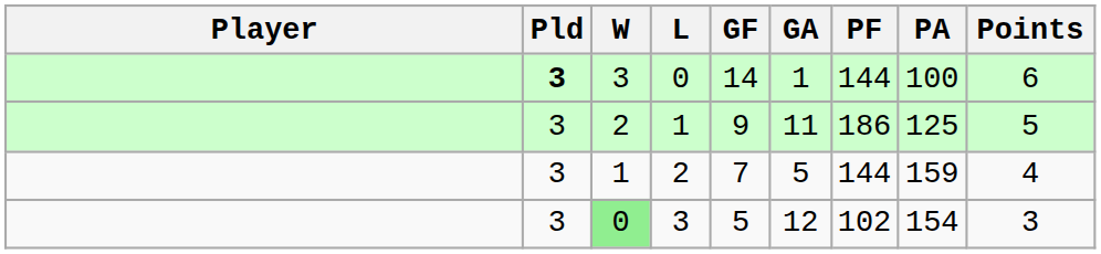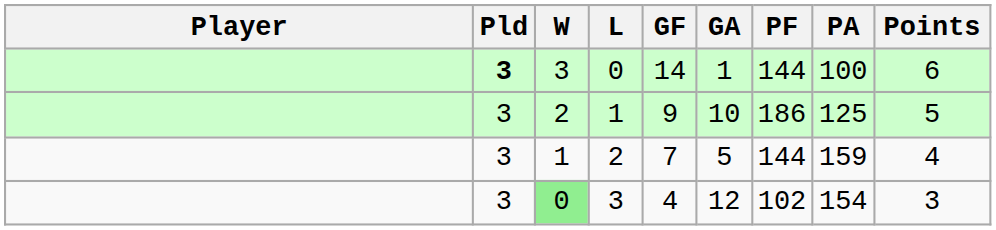 <table class=wikitable style="text-align:center">
 <tr>
 <th width=220>Player</th>
 <th width=20>Pld</th>
 <th width=20>W</th>
 <th width=20>L</th>
 <th width=20>GF</th>
 <th width=20>GA</th>
 <th width=20>PF</th>
 <th width=20>PA</th>
 <th width=50>Points</th>
 </tr>
 <tr bgcolor="#ccffcc">
 <td align=left></td>
 <td><strong>3</strong></td>
 <td>3</td>
 <td>0</td>
 <td>14</td>
 <td>1</td>
 <td>144</td>
 <td>100</td>
 <td>6</td>
 </tr>
 <tr bgcolor="#ccffcc">
 <td align=left></td>
 <td>3</td>
 <td>2</td>
 <td>1</td>
 <td>9</td>
-<td>11</td>
+<td>10</td>
 <td>186</td>
 <td>125</td>
 <td>5</td>
 </tr>
 <tr>
 <td align=left></td>
 <td>3</td>
 <td>1</td>
 <td>2</td>
 <td>7</td>
 <td>5</td>
 <td>144</td>
 <td>159</td>
 <td>4</td>
 </tr>
 <tr>
 <td align=left></td>
 <td>3</td>
 <td style="background: lightgreen;">0</td>
 <td>3</td>
-<td>5</td>
+<td>4</td>
 <td>12</td>
 <td>102</td>
 <td>154</td>
 <td>3</td>
 </tr>
 </table>
